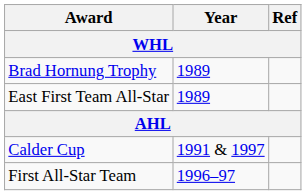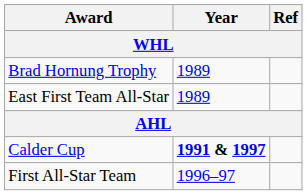 <table class="wikitable">
 <tr>
 <th>Award</th>
 <th>Year</th>
 <th>Ref</th>
 </tr>
 <tr>
 <th colspan="3"><a href='#'>WHL</a></th>
 </tr>
 <tr>
 <td><a href='#'>Brad Hornung Trophy</a></td>
 <td><a href='#'>1989</a></td>
 <td></td>
 </tr>
 <tr>
 <td>East First Team All-Star</td>
 <td><a href='#'>1989</a></td>
 <td></td>
 </tr>
 <tr>
 <th colspan="3"><a href='#'>AHL</a></th>
 </tr>
 <tr>
 <td><a href='#'>Calder Cup</a></td>
-<td><a href='#'>1991</a> & <a href='#'>1997</a></td>
+<td><strong><a href='#'>1991</a> & <a href='#'>1997</a></strong></td>
 <td></td>
 </tr>
 <tr>
 <td>First All-Star Team</td>
 <td><a href='#'>1996–97</a></td>
 <td></td>
 </tr>
 </table>
